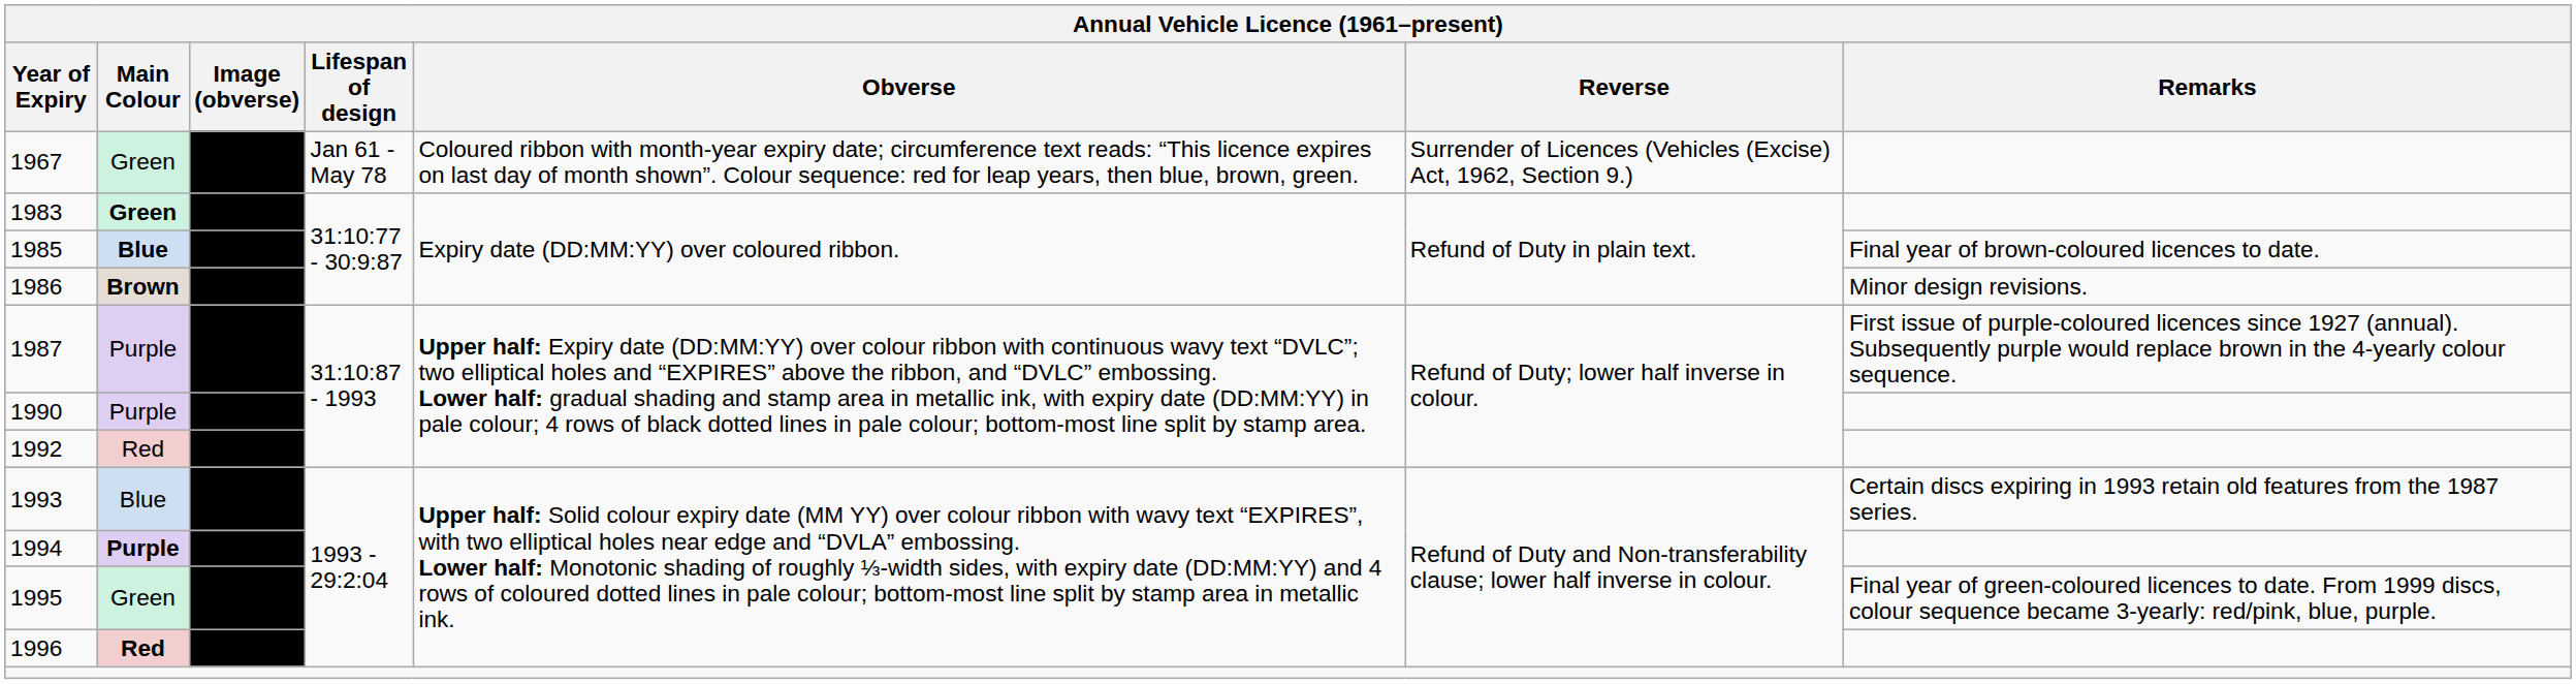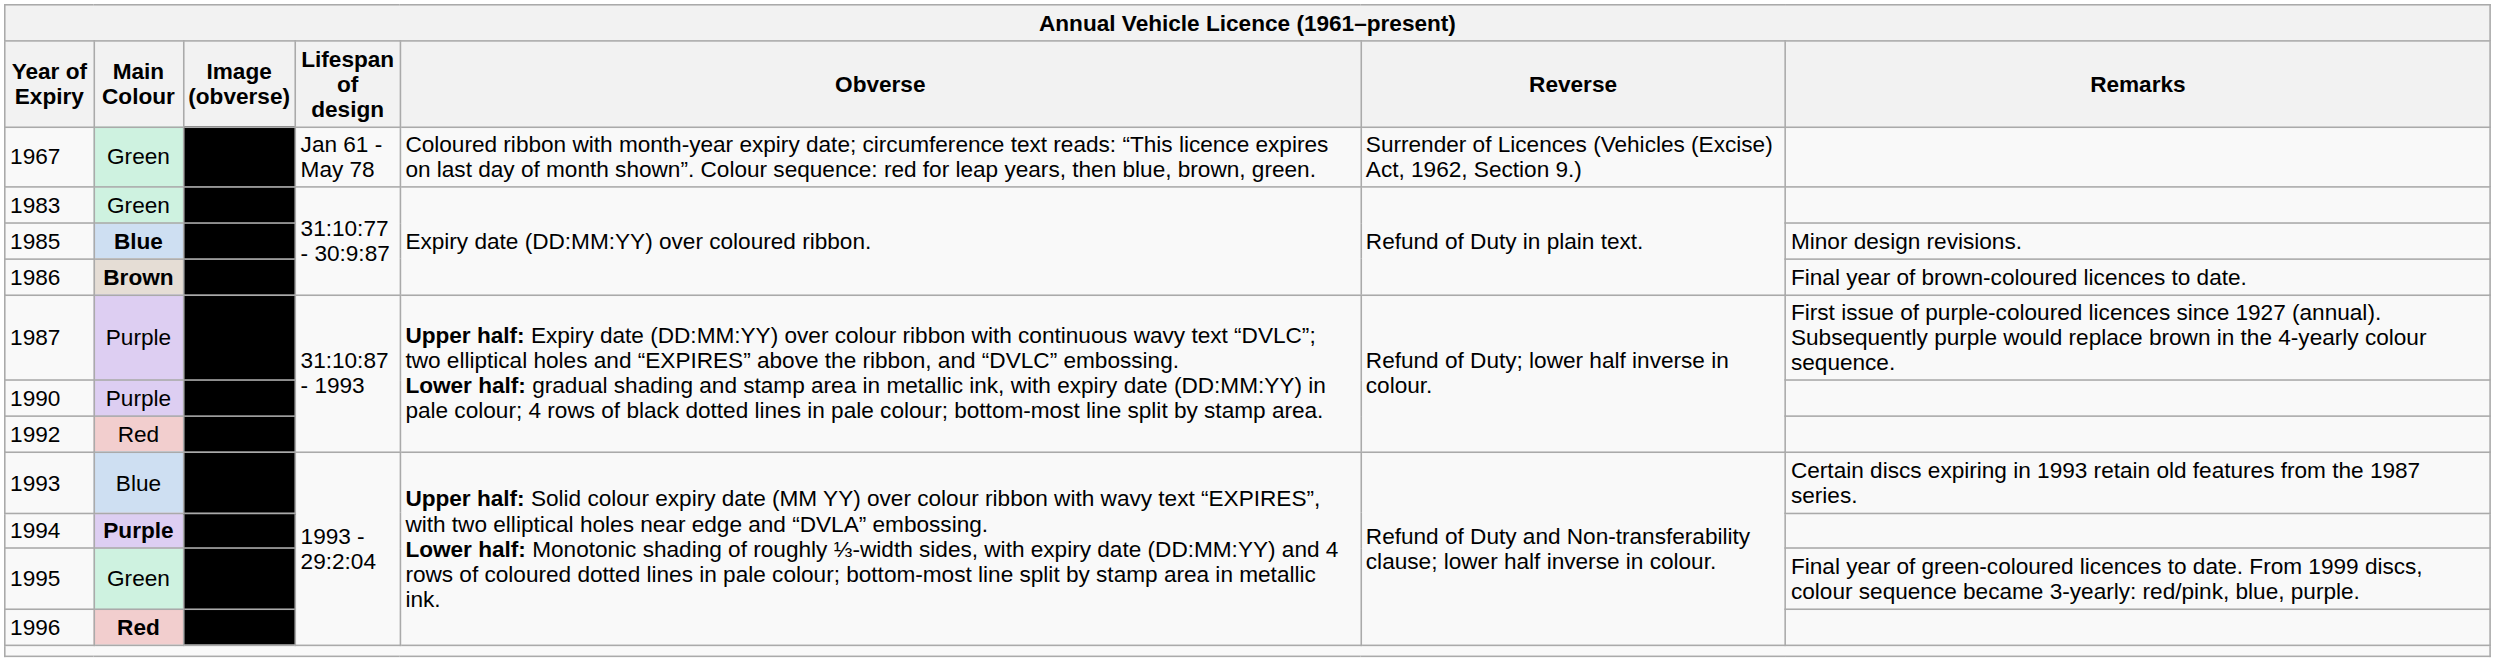 <table class="wikitable collapsible autocollapse" style="font-size: 90%; width: 100%">
 <tr>
 <th colspan="12">Annual Vehicle Licence (1961–present)</th>
 </tr>
 <tr>
 <th style="width: 50px">Year of Expiry</th>
 <th style="width: 50px">Main Colour</th>
 <th style="width: 53px">Image (obverse)</th>
 <th style="width: 60px">Lifespan of design</th>
 <th>Obverse</th>
 <th>Reverse</th>
 <th>Remarks</th>
 </tr>
 <tr>
 <td>1967</td>
 <td align="center" bgcolor=#cef2e0>Green</td>
 <td bgcolor=#000></td>
 <td>Jan 61 - May 78</td>
 <td>Coloured ribbon with month-year expiry date; circumference text reads: “This licence expires on last day of month shown”.  Colour sequence: red for leap years, then blue, brown, green.</td>
 <td>Surrender of Licences (Vehicles (Excise) Act, 1962, Section 9.)</td>
 <td></td>
 </tr>
 <tr>
 <td>1983</td>
-<td align="center" bgcolor=#cef2e0><strong>Green</strong></td>
+<td align="center" bgcolor=#cef2e0>Green</td>
 <td bgcolor=#000></td>
 <td rowspan=4>31:10:77 - 30:9:87</td>
 <td rowspan=4>Expiry date (DD:MM:YY) over coloured ribbon.</td>
 <td rowspan=4>Refund of Duty in plain text.</td>
 <td></td>
 </tr>
 <tr>
 <td>1985</td>
 <td align="center" bgcolor=#cedff2><strong>Blue</strong></td>
 <td bgcolor=#000></td>
-<td>Final year of brown-coloured licences to date.</td>
+<td>Minor design revisions.</td>
 </tr>
 <tr>
 <td>1986</td>
 <td align="center" bgcolor=#e5ddd5><strong>Brown</strong></td>
 <td bgcolor=#000></td>
-<td>Minor design revisions.</td>
+<td>Final year of brown-coloured licences to date.</td>
 </tr>
 <tr>
 <td rowspan=2>1987</td>
 <td rowspan=2 align="center" bgcolor=#ddcef2>Purple</td>
 <td rowspan=2 bgcolor=#000></td>
 <td rowspan=2>First issue of purple-coloured licences since 1927 (annual).  Subsequently purple would replace brown in the 4-yearly colour sequence.</td>
 </tr>
 <tr>
 <td rowspan=4>31:10:87 - 1993</td>
 <td rowspan=4><strong>Upper half:</strong> Expiry date (DD:MM:YY) over colour ribbon with continuous wavy text “DVLC”; two elliptical holes and “EXPIRES” above the ribbon, and “DVLC” embossing.<br><strong>Lower half:</strong> gradual shading and stamp area in metallic ink, with expiry date (DD:MM:YY) in pale colour; 4 rows of black dotted lines in pale colour; bottom-most line split by stamp area.</td>
 <td rowspan=4>Refund of Duty; lower half inverse in colour.</td>
 </tr>
 <tr>
 <td>1990</td>
 <td align="center" bgcolor=#ddcef2>Purple</td>
 <td bgcolor=#000></td>
 <td></td>
 </tr>
 <tr>
 <td>1992</td>
 <td align="center" bgcolor=#f2cece>Red</td>
 <td bgcolor=#000></td>
 <td></td>
 </tr>
 <tr>
 <td rowspan=2>1993</td>
 <td rowspan=2 align="center" bgcolor=#cedff2>Blue</td>
 <td rowspan=2 bgcolor=#000></td>
 <td rowspan=2>Certain discs expiring in 1993 retain old features from the 1987 series.</td>
 </tr>
 <tr>
 <td rowspan=4>1993 - 29:2:04</td>
 <td rowspan=4><strong>Upper half:</strong> Solid colour expiry date (MM YY) over colour ribbon with wavy text “EXPIRES”, with two elliptical holes near edge and “DVLA” embossing.<br><strong>Lower half:</strong> Monotonic shading of roughly ⅓-width sides, with expiry date (DD:MM:YY) and 4 rows of coloured dotted lines in pale colour; bottom-most line split by stamp area in metallic ink.</td>
 <td rowspan=4>Refund of Duty and Non-transferability clause; lower half inverse in colour.</td>
 </tr>
 <tr>
 <td>1994</td>
 <td align="center" bgcolor=#ddcef2><strong>Purple</strong></td>
 <td bgcolor=#000></td>
 <td></td>
 </tr>
 <tr>
 <td>1995</td>
 <td align="center" bgcolor=#cef2e0>Green</td>
 <td bgcolor=#000></td>
 <td>Final year of green-coloured licences to date.  From 1999 discs, colour sequence became 3-yearly: red/pink, blue, purple.</td>
 </tr>
 <tr>
 <td>1996</td>
 <td align="center" bgcolor=#f2cece><strong>Red</strong></td>
 <td bgcolor=#000></td>
 <td></td>
 </tr>
 <tr>
 <td colspan="7"></td>
 </tr>
 </table>
